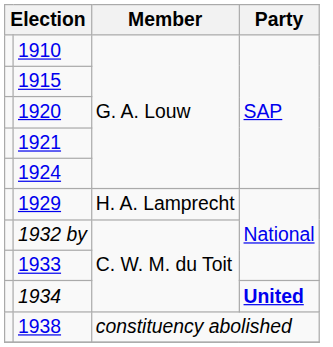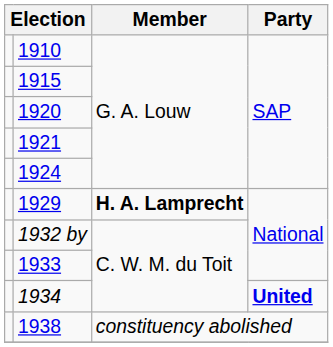 <table class="wikitable">
 <tr>
 <th colspan="2">Election</th>
 <th>Member</th>
 <th>Party</th>
 </tr>
 <tr>
 <td style="background-color: "></td>
 <td><a href='#'>1910</a></td>
 <td rowspan="5">G. A. Louw</td>
 <td rowspan="5"><a href='#'>SAP</a></td>
 </tr>
 <tr>
 <td style="background-color: "></td>
 <td><a href='#'>1915</a></td>
 </tr>
 <tr>
 <td style="background-color: "></td>
 <td><a href='#'>1920</a></td>
 </tr>
 <tr>
 <td style="background-color: "></td>
 <td><a href='#'>1921</a></td>
 </tr>
 <tr>
 <td style="background-color: "></td>
 <td><a href='#'>1924</a></td>
 </tr>
 <tr>
 <td style="background-color: "></td>
 <td><a href='#'>1929</a></td>
-<td>H. A. Lamprecht</td>
+<td><strong>H. A. Lamprecht</strong></td>
 <td rowspan="3"><a href='#'>National</a></td>
 </tr>
 <tr>
 <td style="background-color: "></td>
 <td><em>1932 by</em></td>
 <td rowspan="3">C. W. M. du Toit</td>
 </tr>
 <tr>
 <td style="background-color: "></td>
 <td><a href='#'>1933</a></td>
 </tr>
 <tr>
 <td style="background-color: "></td>
 <td><em>1934</em></td>
 <td><strong><a href='#'>United</a></strong></td>
 </tr>
 <tr>
 <td style="background-color: "></td>
 <td><a href='#'>1938</a></td>
 <td colspan="2"><em>constituency abolished</em></td>
 </tr>
 <tr>
 </tr>
 </table>
